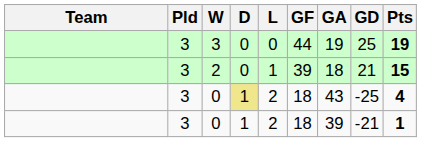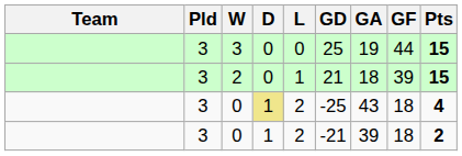 <table class="wikitable" style="text-align:center;">
 <tr>
 <th width=150>Team</th>
 <th width=20>Pld</th>
 <th width=20>W</th>
 <th width=20>D</th>
 <th width=20>L</th>
+<th width=20>GD</th>
+<th width=20>GA</th>
 <th width=20>GF</th>
-<th width=20>GA</th>
-<th width=20>GD</th>
 <th width=20>Pts</th>
 </tr>
 <tr bgcolor=ccffcc>
 <td align="left"></td>
 <td>3</td>
 <td>3</td>
 <td>0</td>
 <td>0</td>
+<td>25</td>
+<td>19</td>
 <td>44</td>
-<td>19</td>
-<td>25</td>
-<td><strong>19</strong></td>
+<td><strong>15</strong></td>
 </tr>
 <tr bgcolor=ccffcc>
 <td align="left"></td>
 <td>3</td>
 <td>2</td>
 <td>0</td>
 <td>1</td>
+<td>21</td>
+<td>18</td>
 <td>39</td>
-<td>18</td>
-<td>21</td>
 <td><strong>15</strong></td>
 </tr>
 <tr>
 <td align="left"></td>
 <td>3</td>
 <td>0</td>
 <td style="background: khaki;">1</td>
 <td>2</td>
+<td>-25</td>
+<td>43</td>
 <td>18</td>
-<td>43</td>
-<td>-25</td>
 <td><strong>4</strong></td>
 </tr>
 <tr>
 <td align="left"></td>
 <td>3</td>
 <td>0</td>
 <td>1</td>
 <td>2</td>
+<td>-21</td>
+<td>39</td>
 <td>18</td>
-<td>39</td>
-<td>-21</td>
-<td><strong>1</strong></td>
+<td><strong>2</strong></td>
 </tr>
 </table>
